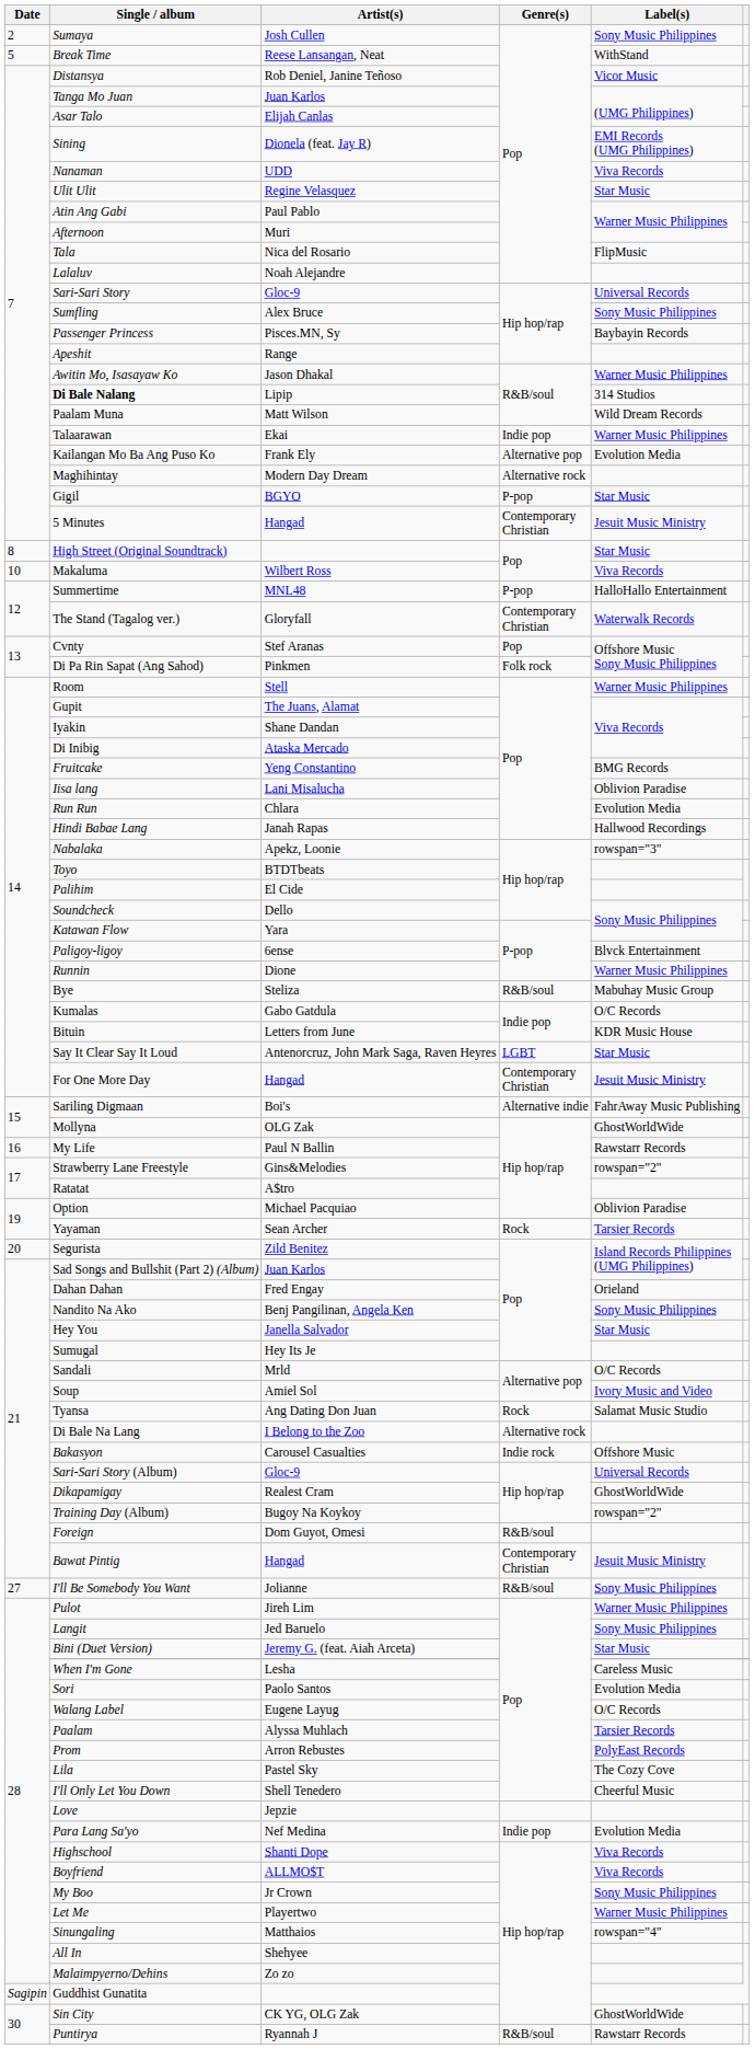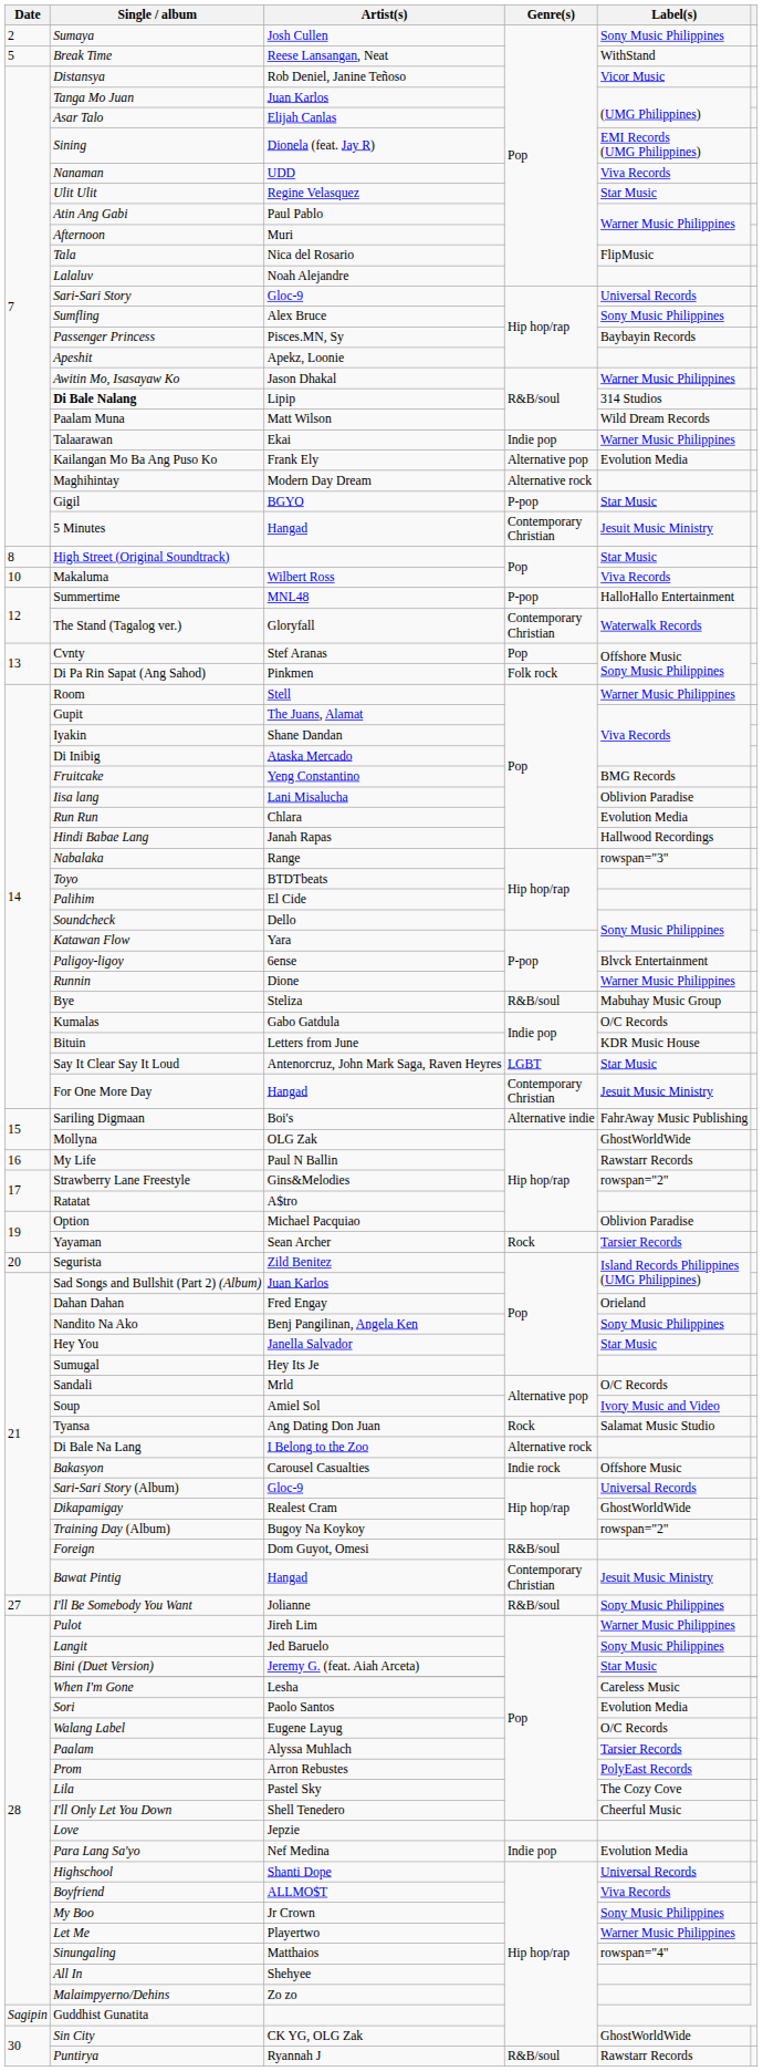 <table class="wikitable">
 <tr>
 <th>Date</th>
 <th>Single / album</th>
 <th>Artist(s)</th>
 <th>Genre(s)</th>
 <th>Label(s)</th>
 <th></th>
 </tr>
 <tr>
 <td>2</td>
 <td><em>Sumaya</em></td>
 <td><a href='#'>Josh Cullen</a></td>
 <td rowspan="12">Pop</td>
 <td><a href='#'>Sony Music Philippines</a></td>
 <td></td>
 </tr>
 <tr>
 <td>5</td>
 <td><em>Break Time</em></td>
 <td><a href='#'>Reese Lansangan</a>, Neat</td>
 <td>WithStand</td>
 <td></td>
 </tr>
 <tr>
 <td rowspan="22">7</td>
 <td><em>Distansya</em></td>
 <td>Rob Deniel, Janine Teñoso</td>
 <td><a href='#'>Vicor Music</a></td>
 <td></td>
 </tr>
 <tr>
 <td><em>Tanga Mo Juan</em></td>
 <td><a href='#'>Juan Karlos</a></td>
 <td rowspan="2"><br>(<a href='#'>UMG Philippines</a>)</td>
 <td></td>
 </tr>
 <tr>
 <td><em>Asar Talo</em></td>
 <td><a href='#'>Elijah Canlas</a></td>
 <td></td>
 </tr>
 <tr>
 <td><em>Sining</em></td>
 <td><a href='#'>Dionela</a> (feat. <a href='#'>Jay R</a>)</td>
 <td><a href='#'>EMI Records</a><br>(<a href='#'>UMG Philippines</a>)</td>
 <td></td>
 </tr>
 <tr>
 <td><em>Nanaman</em></td>
 <td><a href='#'>UDD</a></td>
 <td><a href='#'>Viva Records</a></td>
 <td></td>
 </tr>
 <tr>
 <td><em>Ulit Ulit</em></td>
 <td><a href='#'>Regine Velasquez</a></td>
 <td><a href='#'>Star Music</a></td>
 <td></td>
 </tr>
 <tr>
 <td><em>Atin Ang Gabi</em></td>
 <td>Paul Pablo</td>
 <td rowspan="2"><a href='#'>Warner Music Philippines</a></td>
 <td></td>
 </tr>
 <tr>
 <td><em>Afternoon</em></td>
 <td>Muri</td>
 <td></td>
 </tr>
 <tr>
 <td><em>Tala</em></td>
 <td>Nica del Rosario</td>
 <td>FlipMusic</td>
 <td></td>
 </tr>
 <tr>
 <td><em>Lalaluv</em></td>
 <td>Noah Alejandre</td>
 <td></td>
 <td></td>
 </tr>
 <tr>
 <td><em>Sari-Sari Story</em></td>
 <td><a href='#'>Gloc-9</a></td>
 <td rowspan="4">Hip hop/rap</td>
 <td><a href='#'>Universal Records</a></td>
 <td></td>
 </tr>
 <tr>
 <td><em>Sumfling</em></td>
 <td>Alex Bruce</td>
 <td><a href='#'>Sony Music Philippines</a></td>
 <td></td>
 </tr>
 <tr>
 <td><em>Passenger Princess</em></td>
 <td>Pisces.MN, Sy</td>
 <td>Baybayin Records</td>
 <td></td>
 </tr>
 <tr>
 <td><em>Apeshit</em></td>
-<td>Range</td>
+<td>Apekz, Loonie</td>
 <td></td>
 <td></td>
 </tr>
 <tr>
 <td><em>Awitin Mo, Isasayaw Ko</em></td>
 <td>Jason Dhakal</td>
 <td rowspan="3">R&B/soul</td>
 <td><a href='#'>Warner Music Philippines</a></td>
 <td></td>
 </tr>
 <tr>
 <td><strong>Di Bale Nalang<em></td>
 <td>Lipip</td>
 <td>314 Studios</td>
 <td></td>
 </tr>
 <tr>
 <td></em>Paalam Muna<em></td>
 <td>Matt Wilson</td>
 <td>Wild Dream Records</td>
 <td></td>
 </tr>
 <tr>
 <td></em>Talaarawan<em></td>
 <td>Ekai</td>
 <td>Indie pop</td>
 <td><a href='#'>Warner Music Philippines</a></td>
 <td></td>
 </tr>
 <tr>
 <td></em>Kailangan Mo Ba Ang Puso Ko<em></td>
 <td>Frank Ely</td>
 <td>Alternative pop</td>
 <td>Evolution Media</td>
 <td></td>
 </tr>
 <tr>
 <td></em>Maghihintay<em></td>
 <td>Modern Day Dream</td>
 <td>Alternative rock</td>
 <td></td>
 <td></td>
 </tr>
 <tr>
 <td></em>Gigil<em></td>
 <td><a href='#'>BGYO</a></td>
 <td>P-pop</td>
 <td><a href='#'>Star Music</a></td>
 <td></td>
 </tr>
 <tr>
 <td></em>5 Minutes<em></td>
 <td><a href='#'>Hangad</a></td>
 <td>Contemporary<br>Christian</td>
 <td><a href='#'>Jesuit Music Ministry</a></td>
 <td></td>
 </tr>
 <tr>
 <td>8</td>
 <td></em><a href='#'>High Street (Original Soundtrack)</a><em></td>
 <td></td>
 <td rowspan="2">Pop</td>
 <td><a href='#'>Star Music</a></td>
 <td></td>
 </tr>
 <tr>
 <td>10</td>
 <td></em>Makaluma<em></td>
 <td><a href='#'>Wilbert Ross</a></td>
 <td><a href='#'>Viva Records</a></td>
 <td></td>
 </tr>
 <tr>
 <td rowspan="2">12</td>
 <td></em>Summertime<em></td>
 <td><a href='#'>MNL48</a></td>
 <td>P-pop</td>
 <td>HalloHallo Entertainment</td>
 <td></td>
 </tr>
 <tr>
 <td></em>The Stand (Tagalog ver.)<em></td>
 <td>Gloryfall</td>
 <td>Contemporary<br>Christian</td>
 <td><a href='#'>Waterwalk Records</a></td>
 <td></td>
 </tr>
 <tr>
 <td rowspan="2">13</td>
 <td></em>Cvnty<em></td>
 <td>Stef Aranas</td>
 <td>Pop</td>
 <td rowspan="2">Offshore Music<br><a href='#'>Sony Music Philippines</a></td>
 <td></td>
 </tr>
 <tr>
 <td></em>Di Pa Rin Sapat (Ang Sahod)<em></td>
 <td>Pinkmen</td>
 <td>Folk rock</td>
 <td></td>
 </tr>
 <tr>
 <td rowspan="20">14</td>
 <td></em>Room<em></td>
 <td><a href='#'>Stell</a></td>
 <td rowspan="8">Pop</td>
 <td><a href='#'>Warner Music Philippines</a></td>
 <td></td>
 </tr>
 <tr>
 <td></em>Gupit<em></td>
 <td><a href='#'>The Juans</a>, <a href='#'>Alamat</a></td>
 <td rowspan="3"><a href='#'>Viva Records</a></td>
 <td></td>
 </tr>
 <tr>
 <td></em>Iyakin<em></td>
 <td>Shane Dandan</td>
 <td></td>
 </tr>
 <tr>
 <td></strong>Di Inibig</em></td>
 <td><a href='#'>Ataska Mercado</a></td>
 <td></td>
 </tr>
 <tr>
 <td><em>Fruitcake</em></td>
 <td><a href='#'>Yeng Constantino</a></td>
 <td>BMG Records</td>
 <td></td>
 </tr>
 <tr>
 <td><em>Iisa lang</em></td>
 <td><a href='#'>Lani Misalucha</a></td>
 <td>Oblivion Paradise</td>
 <td></td>
 </tr>
 <tr>
 <td><em>Run Run</em></td>
 <td>Chlara</td>
 <td>Evolution Media</td>
 <td></td>
 </tr>
 <tr>
 <td><em>Hindi Babae Lang</em></td>
 <td>Janah Rapas</td>
 <td>Hallwood Recordings</td>
 <td></td>
 </tr>
 <tr>
 <td><em>Nabalaka</em></td>
-<td>Apekz, Loonie</td>
+<td>Range</td>
 <td rowspan="4">Hip hop/rap</td>
 <td>rowspan="3" </td>
 <td></td>
 </tr>
 <tr>
 <td><em>Toyo</em></td>
 <td>BTDTbeats</td>
 <td></td>
 </tr>
 <tr>
 <td><em>Palihim</em></td>
 <td>El Cide</td>
 <td></td>
 </tr>
 <tr>
 <td><em>Soundcheck</em></td>
 <td>Dello</td>
 <td rowspan="2"><a href='#'>Sony Music Philippines</a></td>
 <td></td>
 </tr>
 <tr>
 <td><em>Katawan Flow</em></td>
 <td>Yara</td>
 <td rowspan="3">P-pop</td>
 <td></td>
 </tr>
 <tr>
 <td><em>Paligoy-ligoy</em></td>
 <td>6ense</td>
 <td>Blvck Entertainment</td>
 <td></td>
 </tr>
 <tr>
 <td><em>Runnin<strong></td>
 <td>Dione</td>
 <td><a href='#'>Warner Music Philippines</a></td>
 <td></td>
 </tr>
 <tr>
 <td></em>Bye<em></td>
 <td>Steliza</td>
 <td>R&B/soul</td>
 <td>Mabuhay Music Group</td>
 <td></td>
 </tr>
 <tr>
 <td></em>Kumalas<em></td>
 <td>Gabo Gatdula</td>
 <td rowspan="2">Indie pop</td>
 <td>O/C Records</td>
 <td></td>
 </tr>
 <tr>
 <td></em>Bituin<em></td>
 <td>Letters from June</td>
 <td>KDR Music House</td>
 <td></td>
 </tr>
 <tr>
 <td></em>Say It Clear Say It Loud<em></td>
 <td>Antenorcruz, John Mark Saga, Raven Heyres</td>
 <td><a href='#'>LGBT</a></td>
 <td><a href='#'>Star Music</a></td>
 <td></td>
 </tr>
 <tr>
 <td></em>For One More Day<em></td>
 <td><a href='#'>Hangad</a></td>
 <td>Contemporary<br>Christian</td>
 <td><a href='#'>Jesuit Music Ministry</a></td>
 <td></td>
 </tr>
 <tr>
 <td rowspan="2">15</td>
 <td></em>Sariling Digmaan<em></td>
 <td>Boi's</td>
 <td>Alternative indie</td>
 <td>FahrAway Music Publishing</td>
 <td></td>
 </tr>
 <tr>
 <td></em>Mollyna<em></td>
 <td>OLG Zak</td>
 <td rowspan="5">Hip hop/rap</td>
 <td>GhostWorldWide</td>
 <td></td>
 </tr>
 <tr>
 <td>16</td>
 <td></em>My Life<em></td>
 <td>Paul N Ballin</td>
 <td>Rawstarr Records</td>
 <td></td>
 </tr>
 <tr>
 <td rowspan="2">17</td>
 <td></em>Strawberry Lane Freestyle<em></td>
 <td>Gins&Melodies</td>
 <td>rowspan="2" </td>
 <td></td>
 </tr>
 <tr>
 <td></em>Ratatat<em></td>
 <td>A$tro</td>
 <td></td>
 </tr>
 <tr>
 <td rowspan="2">19</td>
 <td></em>Option<em></td>
 <td>Michael Pacquiao</td>
 <td>Oblivion Paradise</td>
 <td></td>
 </tr>
 <tr>
 <td></em>Yayaman<em></td>
 <td>Sean Archer</td>
 <td>Rock</td>
 <td><a href='#'>Tarsier Records</a></td>
 <td></td>
 </tr>
 <tr>
 <td>20</td>
 <td></em>Segurista<em></td>
 <td><a href='#'>Zild Benitez</a></td>
 <td rowspan="6">Pop</td>
 <td rowspan="2"><a href='#'>Island Records Philippines</a><br>(<a href='#'>UMG Philippines</a>)</td>
 <td></td>
 </tr>
 <tr>
 <td rowspan="15">21</td>
 <td></em>Sad Songs and Bullshit (Part 2)<em> (Album)</td>
 <td><a href='#'>Juan Karlos</a></td>
 <td></td>
 </tr>
 <tr>
 <td></em>Dahan Dahan<em></td>
 <td>Fred Engay</td>
 <td>Orieland</td>
 <td></td>
 </tr>
 <tr>
 <td></em>Nandito Na Ako<em></td>
 <td>Benj Pangilinan, <a href='#'>Angela Ken</a></td>
 <td><a href='#'>Sony Music Philippines</a></td>
 <td></td>
 </tr>
 <tr>
 <td></em>Hey You<em></td>
 <td><a href='#'>Janella Salvador</a></td>
 <td><a href='#'>Star Music</a></td>
 <td></td>
 </tr>
 <tr>
 <td></em>Sumugal<em></td>
 <td>Hey Its Je</td>
 <td></td>
 <td></td>
 </tr>
 <tr>
 <td></em>Sandali<em></td>
 <td>Mrld</td>
 <td rowspan="2">Alternative pop</td>
 <td>O/C Records</td>
 <td></td>
 </tr>
 <tr>
 <td></em>Soup<em></td>
 <td>Amiel Sol</td>
 <td><a href='#'>Ivory Music and Video</a></td>
 <td></td>
 </tr>
 <tr>
 <td></em>Tyansa<em></td>
 <td>Ang Dating Don Juan</td>
 <td>Rock</td>
 <td>Salamat Music Studio</td>
 <td></td>
 </tr>
 <tr>
 <td></strong>Di Bale Na Lang</em></td>
 <td><a href='#'>I Belong to the Zoo</a></td>
 <td>Alternative rock</td>
 <td></td>
 <td></td>
 </tr>
 <tr>
 <td><em>Bakasyon</em></td>
 <td>Carousel Casualties</td>
 <td>Indie rock</td>
 <td>Offshore Music</td>
 <td></td>
 </tr>
 <tr>
 <td><em>Sari-Sari Story</em> (Album)</td>
 <td><a href='#'>Gloc-9</a></td>
 <td rowspan="3">Hip hop/rap</td>
 <td><a href='#'>Universal Records</a></td>
 <td></td>
 </tr>
 <tr>
 <td><em>Dikapamigay</em></td>
 <td>Realest Cram</td>
 <td>GhostWorldWide</td>
 <td></td>
 </tr>
 <tr>
 <td><em>Training Day</em> (Album)</td>
 <td>Bugoy Na Koykoy</td>
 <td>rowspan="2" </td>
 <td></td>
 </tr>
 <tr>
 <td><em>Foreign</em></td>
 <td>Dom Guyot, Omesi</td>
 <td>R&B/soul</td>
 <td></td>
 </tr>
 <tr>
 <td><em>Bawat Pintig</em></td>
 <td><a href='#'>Hangad</a></td>
 <td>Contemporary<br>Christian</td>
 <td><a href='#'>Jesuit Music Ministry</a></td>
 <td></td>
 </tr>
 <tr>
 <td>27</td>
 <td><em>I'll Be Somebody You Want</em></td>
 <td>Jolianne</td>
 <td>R&B/soul</td>
 <td><a href='#'>Sony Music Philippines</a></td>
 <td></td>
 </tr>
 <tr>
 <td rowspan="20">28</td>
 <td><em>Pulot</em></td>
 <td>Jireh Lim</td>
 <td rowspan="11">Pop</td>
 <td><a href='#'>Warner Music Philippines</a></td>
 <td></td>
 </tr>
 <tr>
 <td><em>Langit</em></td>
 <td>Jed Baruelo</td>
 <td><a href='#'>Sony Music Philippines</a></td>
 <td></td>
 </tr>
 <tr>
 <td><em>Bini (Duet Version)</em></td>
 <td><a href='#'>Jeremy G.</a> (feat. Aiah Arceta)</td>
 <td><a href='#'>Star Music</a></td>
 <td></td>
 </tr>
 <tr>
 </tr>
 <tr>
 <td><em>When I'm Gone</em></td>
 <td>Lesha</td>
 <td>Careless Music</td>
 <td></td>
 </tr>
 <tr>
 <td><em>Sori</em></td>
 <td>Paolo Santos</td>
 <td>Evolution Media</td>
 <td></td>
 </tr>
 <tr>
 <td><em>Walang Label</em></td>
 <td>Eugene Layug</td>
 <td>O/C Records</td>
 <td></td>
 </tr>
 <tr>
 <td><em>Paalam</em></td>
 <td>Alyssa Muhlach</td>
 <td><a href='#'>Tarsier Records</a></td>
 <td></td>
 </tr>
 <tr>
 <td><em>Prom</em></td>
 <td>Arron Rebustes</td>
 <td><a href='#'>PolyEast Records</a></td>
 <td></td>
 </tr>
 <tr>
 <td><em>Lila</em></td>
 <td>Pastel Sky</td>
 <td>The Cozy Cove</td>
 <td></td>
 </tr>
 <tr>
 <td><em>I'll Only Let You Down</em></td>
 <td>Shell Tenedero</td>
 <td>Cheerful Music</td>
 <td></td>
 </tr>
 <tr>
 <td><em>Love</em></td>
 <td>Jepzie</td>
 <td></td>
 <td></td>
 </tr>
 <tr>
 <td><em>Para Lang Sa'yo</em></td>
 <td>Nef Medina</td>
 <td>Indie pop</td>
 <td>Evolution Media</td>
 <td></td>
 </tr>
 <tr>
 <td><em>Highschool</em></td>
 <td><a href='#'>Shanti Dope</a></td>
 <td rowspan="9">Hip hop/rap</td>
-<td><a href='#'>Viva Records</a></td>
+<td><a href='#'>Universal Records</a></td>
 <td></td>
 </tr>
 <tr>
 <td><em>Boyfriend</em></td>
 <td><a href='#'>ALLMO$T</a></td>
 <td><a href='#'>Viva Records</a></td>
 <td></td>
 </tr>
 <tr>
 <td><em>My Boo</em></td>
 <td>Jr Crown</td>
 <td><a href='#'>Sony Music Philippines</a></td>
 <td></td>
 </tr>
 <tr>
 <td><em>Let Me</em></td>
 <td>Playertwo</td>
 <td><a href='#'>Warner Music Philippines</a></td>
 <td></td>
 </tr>
 <tr>
 <td><em>Sinungaling</em></td>
 <td>Matthaios</td>
 <td>rowspan="4" </td>
 <td></td>
 </tr>
 <tr>
 <td><em>All In</em></td>
 <td>Shehyee</td>
 <td></td>
 </tr>
 <tr>
 <td><em>Malaimpyerno/Dehins</em></td>
 <td>Zo zo</td>
 <td></td>
 </tr>
 <tr>
 <td><em>Sagipin</em></td>
 <td>Guddhist Gunatita</td>
 <td></td>
 </tr>
 <tr>
 <td rowspan="2">30</td>
 <td><em>Sin City</em></td>
 <td>CK YG, OLG Zak</td>
 <td>GhostWorldWide</td>
 <td></td>
 </tr>
 <tr>
 <td><em>Puntirya</em></td>
 <td>Ryannah J</td>
 <td>R&B/soul</td>
 <td>Rawstarr Records</td>
 <td></td>
 </tr>
 </table>
